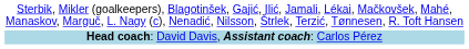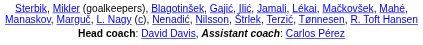 <table style="text-align: center; margin-top: 1em; margin-left: auto; margin-right: auto">
 <tr>
 <td><a href='#'>Sterbik</a>, <a href='#'>Mikler</a> (goalkeepers), <a href='#'>Blagotinšek</a>, <a href='#'>Gajić</a>, <a href='#'>Ilić</a>, <a href='#'>Jamali</a>, <a href='#'>Lékai</a>, <a href='#'>Mačkovšek</a>, <a href='#'>Mahé</a>,<br><a href='#'>Manaskov</a>, <a href='#'>Marguč</a>, <a href='#'>L. Nagy</a> (<a href='#'>c</a>), <a href='#'>Nenadić</a>, <a href='#'>Nilsson</a>, <a href='#'>Štrlek</a>, <a href='#'>Terzić</a>, <a href='#'>Tønnesen</a>, <a href='#'>R. Toft Hansen</a></td>
 </tr>
 <tr>
-<td style="background: lightblue;"><strong>Head coach</strong>: <a href='#'>David Davis</a>, <strong><em>Assistant coach</em></strong>: <a href='#'>Carlos Pérez</a></td>
+<td><strong>Head coach</strong>: <a href='#'>David Davis</a>, <strong><em>Assistant coach</em></strong>: <a href='#'>Carlos Pérez</a></td>
 </tr>
 </table>
